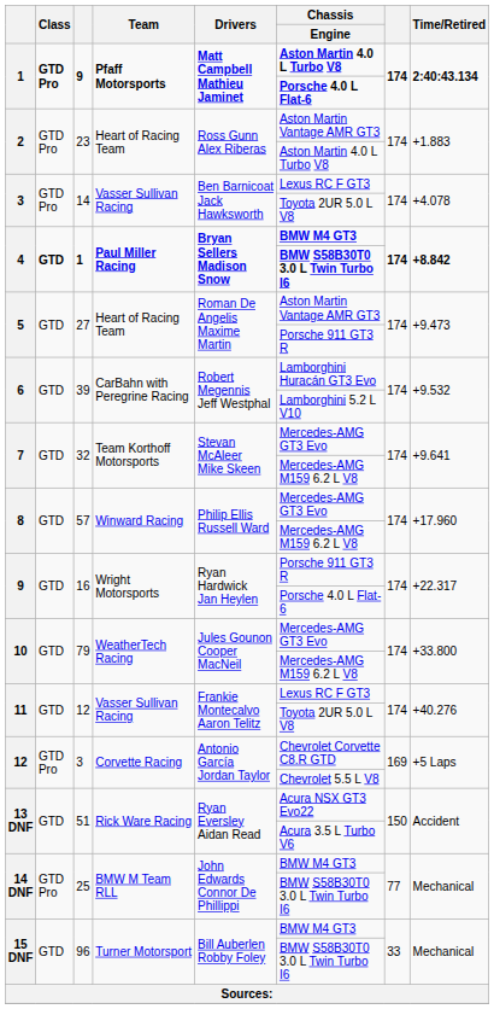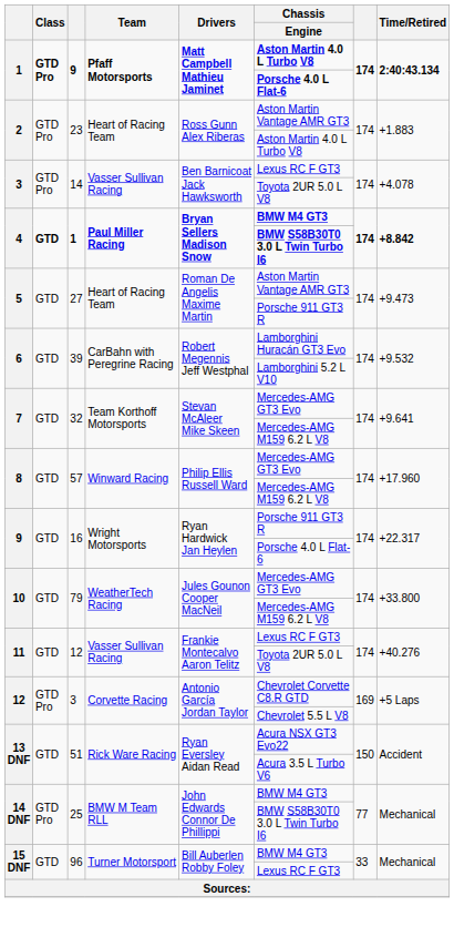 <table class="wikitable" style="font-size: 95%;">
 <tr>
 <th rowspan=2></th>
 <th rowspan=2>Class</th>
 <th rowspan=2></th>
 <th rowspan=2>Team</th>
 <th rowspan=2>Drivers</th>
 <th>Chassis</th>
 <th rowspan=2></th>
 <th rowspan=2>Time/Retired</th>
 </tr>
 <tr>
 <th>Engine</th>
 </tr>
 <tr style="font-weight:bold">
 <th rowspan=2>1</th>
 <td rowspan=2>GTD<br>Pro</td>
 <td rowspan=2>9</td>
 <td rowspan=2> Pfaff Motorsports</td>
 <td rowspan=2> <a href='#'>Matt Campbell</a><br> <a href='#'>Mathieu Jaminet</a></td>
 <td><a href='#'>Aston Martin</a> 4.0 L <a href='#'>Turbo</a> <a href='#'>V8</a></td>
 <td rowspan=2>174</td>
 <td rowspan=2>2:40:43.134</td>
 </tr>
 <tr style="font-weight:bold">
 <td><a href='#'>Porsche</a> 4.0 L <a href='#'>Flat-6</a></td>
 </tr>
 <tr>
 <th rowspan=2>2</th>
 <td rowspan=2>GTD<br>Pro</td>
 <td rowspan=2>23</td>
 <td rowspan=2> Heart of Racing Team</td>
 <td rowspan=2> <a href='#'>Ross Gunn</a><br> <a href='#'>Alex Riberas</a></td>
 <td><a href='#'>Aston Martin Vantage AMR GT3</a></td>
 <td rowspan=2>174</td>
 <td rowspan=2>+1.883</td>
 </tr>
 <tr>
 <td><a href='#'>Aston Martin</a> 4.0 L <a href='#'>Turbo</a> <a href='#'>V8</a></td>
 </tr>
 <tr>
 <th rowspan=2>3</th>
 <td rowspan=2>GTD<br>Pro</td>
 <td rowspan=2>14</td>
 <td rowspan=2> <a href='#'>Vasser Sullivan Racing</a></td>
 <td rowspan=2> <a href='#'>Ben Barnicoat</a><br> <a href='#'>Jack Hawksworth</a></td>
 <td><a href='#'>Lexus RC F GT3</a></td>
 <td rowspan=2>174</td>
 <td rowspan=2>+4.078</td>
 </tr>
 <tr>
 <td><a href='#'>Toyota</a> 2UR 5.0 L <a href='#'>V8</a></td>
 </tr>
 <tr style="font-weight:bold">
 <th rowspan=2>4</th>
 <td rowspan=2>GTD</td>
 <td rowspan=2>1</td>
 <td rowspan=2> <a href='#'>Paul Miller Racing</a></td>
 <td rowspan=2> <a href='#'>Bryan Sellers</a><br> <a href='#'>Madison Snow</a></td>
 <td><a href='#'>BMW M4 GT3</a></td>
 <td rowspan=2>174</td>
 <td rowspan=2>+8.842</td>
 </tr>
 <tr style="font-weight:bold">
 <td><a href='#'>BMW</a> <a href='#'>S58B30T0</a> 3.0 L <a href='#'>Twin Turbo</a> <a href='#'>I6</a></td>
 </tr>
 <tr>
 <th rowspan=2>5</th>
 <td rowspan=2>GTD</td>
 <td rowspan=2>27</td>
 <td rowspan=2> Heart of Racing Team</td>
 <td rowspan=2> <a href='#'>Roman De Angelis</a><br> <a href='#'>Maxime Martin</a></td>
 <td><a href='#'>Aston Martin Vantage AMR GT3</a></td>
 <td rowspan=2>174</td>
 <td rowspan=2>+9.473</td>
 </tr>
 <tr>
 <td><a href='#'>Porsche 911 GT3 R</a></td>
 </tr>
 <tr>
 <th rowspan=2>6</th>
 <td rowspan=2>GTD</td>
 <td rowspan=2>39</td>
 <td rowspan=2> CarBahn with Peregrine Racing</td>
 <td rowspan=2> <a href='#'>Robert Megennis</a><br> Jeff Westphal</td>
 <td><a href='#'>Lamborghini Huracán GT3 Evo</a></td>
 <td rowspan=2>174</td>
 <td rowspan=2>+9.532</td>
 </tr>
 <tr>
 <td><a href='#'>Lamborghini</a> 5.2 L <a href='#'>V10</a></td>
 </tr>
 <tr>
 <th rowspan=2>7</th>
 <td rowspan=2>GTD</td>
 <td rowspan=2>32</td>
 <td rowspan=2> Team Korthoff Motorsports</td>
 <td rowspan=2> <a href='#'>Stevan McAleer</a><br> <a href='#'>Mike Skeen</a></td>
 <td><a href='#'>Mercedes-AMG GT3 Evo</a></td>
 <td rowspan=2>174</td>
 <td rowspan=2>+9.641</td>
 </tr>
 <tr>
 <td><a href='#'>Mercedes-AMG M159</a> 6.2 L <a href='#'>V8</a></td>
 </tr>
 <tr>
 <th rowspan=2>8</th>
 <td rowspan=2>GTD</td>
 <td rowspan=2>57</td>
 <td rowspan=2> <a href='#'>Winward Racing</a></td>
 <td rowspan=2> <a href='#'>Philip Ellis</a><br> <a href='#'>Russell Ward</a></td>
 <td><a href='#'>Mercedes-AMG GT3 Evo</a></td>
 <td rowspan=2>174</td>
 <td rowspan=2>+17.960</td>
 </tr>
 <tr>
 <td><a href='#'>Mercedes-AMG M159</a> 6.2 L <a href='#'>V8</a></td>
 </tr>
 <tr>
 <th rowspan=2>9</th>
 <td rowspan=2>GTD</td>
 <td rowspan=2>16</td>
 <td rowspan=2> Wright Motorsports</td>
 <td rowspan=2> Ryan Hardwick<br> <a href='#'>Jan Heylen</a></td>
 <td><a href='#'>Porsche 911 GT3 R</a></td>
 <td rowspan=2>174</td>
 <td rowspan=2>+22.317</td>
 </tr>
 <tr>
 <td><a href='#'>Porsche</a> 4.0 L <a href='#'>Flat-6</a></td>
 </tr>
 <tr>
 <th rowspan=2>10</th>
 <td rowspan=2>GTD</td>
 <td rowspan=2>79</td>
 <td rowspan=2> <a href='#'>WeatherTech Racing</a></td>
 <td rowspan=2> <a href='#'>Jules Gounon</a><br> <a href='#'>Cooper MacNeil</a></td>
 <td><a href='#'>Mercedes-AMG GT3 Evo</a></td>
 <td rowspan=2>174</td>
 <td rowspan=2>+33.800</td>
 </tr>
 <tr>
 <td><a href='#'>Mercedes-AMG M159</a> 6.2 L <a href='#'>V8</a></td>
 </tr>
 <tr>
 <th rowspan=2>11</th>
 <td rowspan=2>GTD</td>
 <td rowspan=2>12</td>
 <td rowspan=2> <a href='#'>Vasser Sullivan Racing</a></td>
 <td rowspan=2> <a href='#'>Frankie Montecalvo</a><br> <a href='#'>Aaron Telitz</a></td>
 <td><a href='#'>Lexus RC F GT3</a></td>
 <td rowspan=2>174</td>
 <td rowspan=2>+40.276</td>
 </tr>
 <tr>
 <td><a href='#'>Toyota</a> 2UR 5.0 L <a href='#'>V8</a></td>
 </tr>
 <tr>
 <th rowspan=2>12</th>
 <td rowspan=2>GTD<br>Pro</td>
 <td rowspan=2>3</td>
 <td rowspan=2> <a href='#'>Corvette Racing</a></td>
 <td rowspan=2> <a href='#'>Antonio García</a><br> <a href='#'>Jordan Taylor</a></td>
 <td><a href='#'>Chevrolet Corvette C8.R GTD</a></td>
 <td rowspan=2>169</td>
 <td rowspan=2>+5 Laps</td>
 </tr>
 <tr>
 <td><a href='#'>Chevrolet</a> 5.5 L <a href='#'>V8</a></td>
 </tr>
 <tr>
 <th rowspan=2>13<br>DNF</th>
 <td rowspan=2>GTD</td>
 <td rowspan=2>51</td>
 <td rowspan=2> <a href='#'>Rick Ware Racing</a></td>
 <td rowspan=2> <a href='#'>Ryan Eversley</a><br> Aidan Read</td>
 <td><a href='#'>Acura NSX GT3 Evo22</a></td>
 <td rowspan=2>150</td>
 <td rowspan=2>Accident</td>
 </tr>
 <tr>
 <td><a href='#'>Acura</a> 3.5 L <a href='#'>Turbo</a> <a href='#'>V6</a></td>
 </tr>
 <tr>
 <th rowspan=2>14<br>DNF</th>
 <td rowspan=2>GTD<br>Pro</td>
 <td rowspan=2>25</td>
 <td rowspan=2> <a href='#'>BMW M Team RLL</a></td>
 <td rowspan=2> <a href='#'>John Edwards</a><br> <a href='#'>Connor De Phillippi</a></td>
 <td><a href='#'>BMW M4 GT3</a></td>
 <td rowspan=2>77</td>
 <td rowspan=2>Mechanical</td>
 </tr>
 <tr>
 <td><a href='#'>BMW</a> <a href='#'>S58B30T0</a> 3.0 L <a href='#'>Twin Turbo</a> <a href='#'>I6</a></td>
 </tr>
 <tr>
 <th rowspan=2>15<br>DNF</th>
 <td rowspan=2>GTD</td>
 <td rowspan=2>96</td>
 <td rowspan=2> <a href='#'>Turner Motorsport</a></td>
 <td rowspan=2> <a href='#'>Bill Auberlen</a><br> <a href='#'>Robby Foley</a></td>
 <td><a href='#'>BMW M4 GT3</a></td>
 <td rowspan=2>33</td>
 <td rowspan=2>Mechanical</td>
 </tr>
 <tr>
-<td><a href='#'>BMW</a> <a href='#'>S58B30T0</a> 3.0 L <a href='#'>Twin Turbo</a> <a href='#'>I6</a></td>
+<td><a href='#'>Lexus RC F GT3</a></td>
 </tr>
 <tr>
 <th colspan=8>Sources:</th>
 </tr>
 <tr>
 </tr>
 </table>
